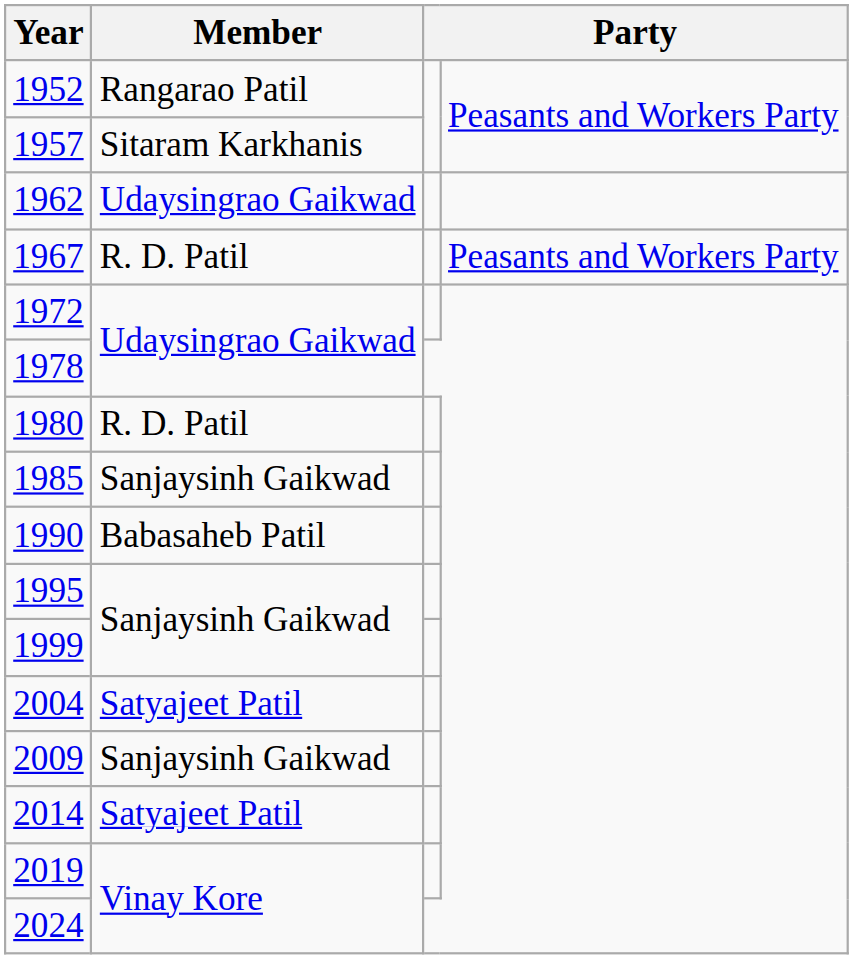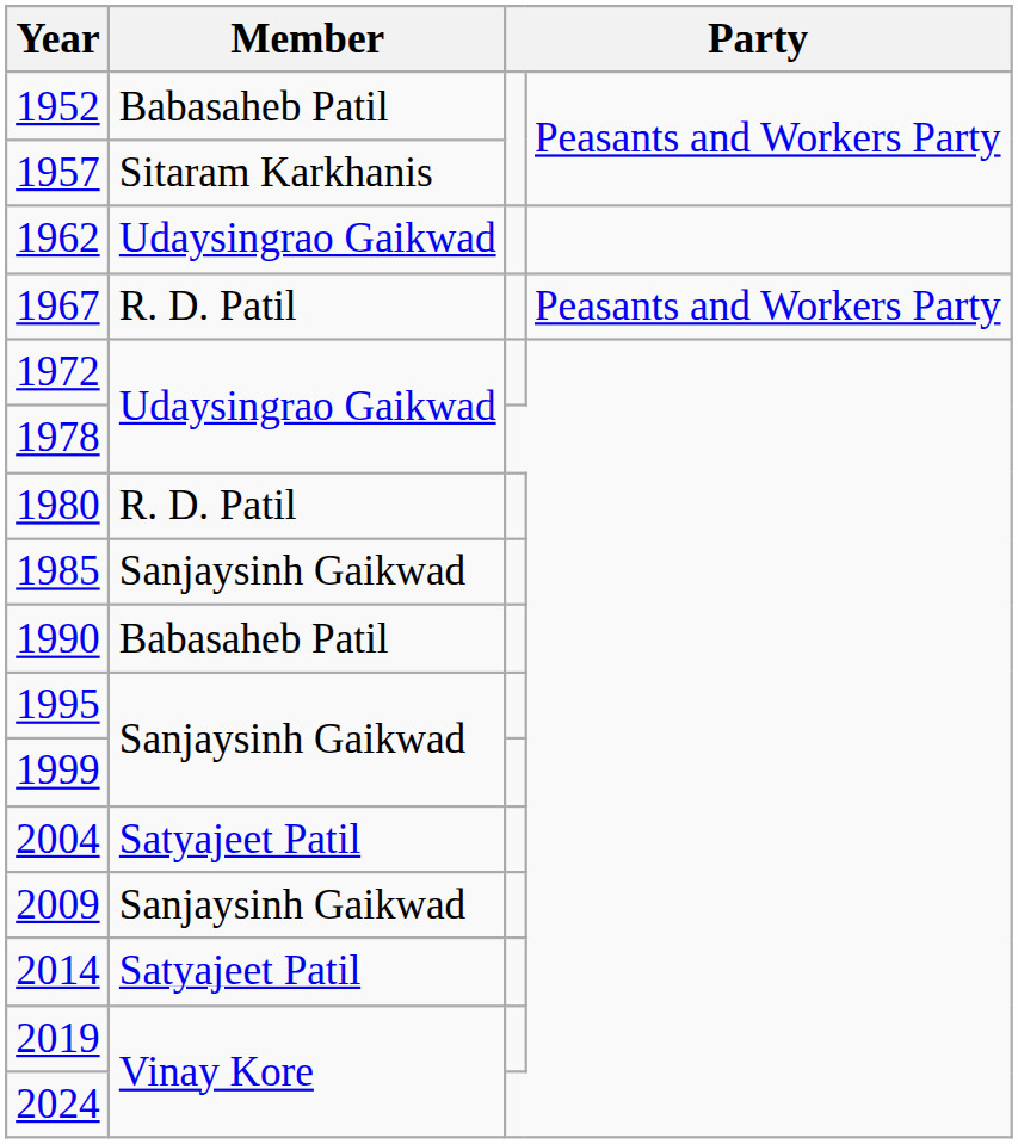 <table class="wikitable">
 <tr>
 <th>Year</th>
 <th>Member</th>
 <th colspan="2">Party</th>
 </tr>
 <tr>
 <td><a href='#'>1952</a></td>
-<td>Rangarao Patil</td>
+<td>Babasaheb Patil</td>
 <td rowspan="2" style="background-color: "></td>
 <td rowspan="2"><a href='#'>Peasants and Workers Party</a></td>
 </tr>
 <tr>
 <td><a href='#'>1957</a></td>
 <td>Sitaram Karkhanis</td>
 </tr>
 <tr>
 <td><a href='#'>1962</a></td>
 <td><a href='#'>Udaysingrao Gaikwad</a></td>
 <td></td>
 </tr>
 <tr>
 <td><a href='#'>1967</a></td>
 <td>R. D. Patil</td>
 <td style="background-color: "></td>
 <td><a href='#'>Peasants and Workers Party</a></td>
 </tr>
 <tr>
 <td><a href='#'>1972</a></td>
 <td rowspan="2"><a href='#'>Udaysingrao Gaikwad</a></td>
 <td></td>
 </tr>
 <tr>
 <td><a href='#'>1978</a></td>
 </tr>
 <tr>
 <td><a href='#'>1980</a></td>
 <td>R. D. Patil</td>
 <td></td>
 </tr>
 <tr>
 <td><a href='#'>1985</a></td>
 <td>Sanjaysinh Gaikwad</td>
 <td></td>
 </tr>
 <tr>
 <td><a href='#'>1990</a></td>
 <td>Babasaheb Patil</td>
 <td></td>
 </tr>
 <tr>
 <td><a href='#'>1995</a></td>
 <td rowspan="2">Sanjaysinh Gaikwad</td>
 <td></td>
 </tr>
 <tr>
 <td><a href='#'>1999</a></td>
 <td></td>
 </tr>
 <tr>
 <td><a href='#'>2004</a></td>
 <td><a href='#'>Satyajeet Patil</a></td>
 <td></td>
 </tr>
 <tr>
 <td><a href='#'>2009</a></td>
 <td>Sanjaysinh Gaikwad</td>
 <td></td>
 </tr>
 <tr>
 <td><a href='#'>2014</a></td>
 <td><a href='#'>Satyajeet Patil</a></td>
 <td></td>
 </tr>
 <tr>
 <td><a href='#'>2019</a></td>
 <td rowspan="2"><a href='#'>Vinay Kore</a></td>
 <td></td>
 </tr>
 <tr>
 <td><a href='#'>2024</a></td>
 </tr>
 </table>
